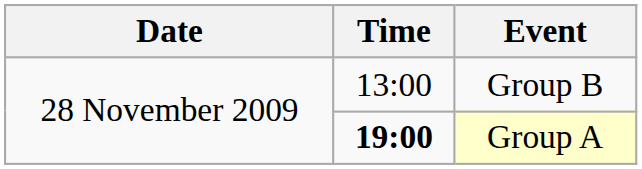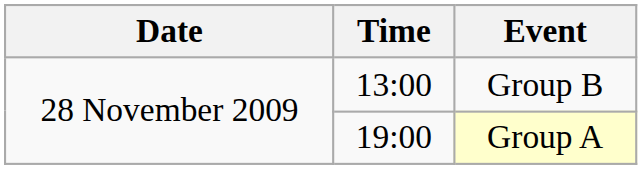 <table class = "wikitable" style="text-align:center;">
 <tr>
 <th width=150>Date</th>
 <th width=50>Time</th>
 <th width=80>Event</th>
 </tr>
 <tr>
 <td rowspan=2>28 November 2009</td>
 <td>13:00</td>
 <td>Group B</td>
 </tr>
 <tr>
-<td><strong>19:00</strong></td>
+<td>19:00</td>
 <td bgcolor=ffffcc>Group A</td>
 </tr>
 </table>
